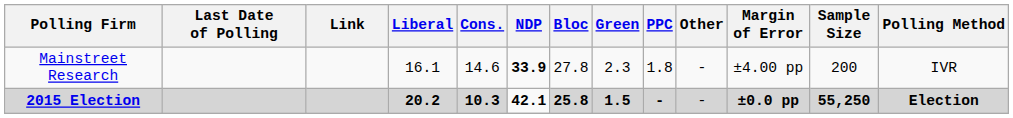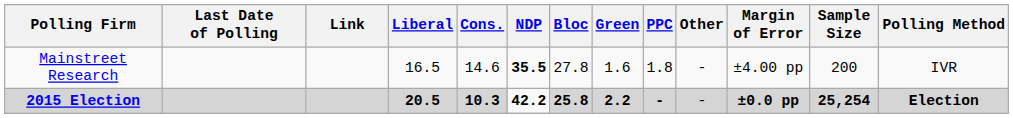 <table class="wikitable sortable" style="text-align:center;font-size:90%;line-height:14px;">
 <tr style="background:#e9e9e9;">
 <th style="width:120px">Polling Firm</th>
 <th style="width:110px">Last Date<br>of Polling</th>
 <th style="width:60px" class="unsortable">Link</th>
 <th style="background-color:"><strong><a href='#'>Liberal</a></strong></th>
 <th style="background-color:"><strong><a href='#'>Cons.</a></strong></th>
 <th style="background-color:"><strong><a href='#'>NDP</a></strong></th>
 <th style="background-color:"><strong><a href='#'>Bloc</a></strong></th>
 <th style="background-color:"><strong><a href='#'>Green</a></strong></th>
 <th style="background-color:"><strong><a href='#'>PPC</a></strong></th>
 <th style="background-color:"><strong>Other</strong></th>
 <th style="width:60px;" class="unsortable">Margin<br>of Error</th>
 <th style="width:50px;" class="unsortable">Sample<br>Size</th>
 <th class="unsortable">Polling Method</th>
 </tr>
 <tr>
 <td><a href='#'>Mainstreet Research</a></td>
 <td></td>
 <td></td>
-<td>16.1</td>
+<td>16.5</td>
 <td>14.6</td>
-<td><strong>33.9</strong></td>
+<td><strong>35.5</strong></td>
 <td>27.8</td>
-<td>2.3</td>
+<td>1.6</td>
 <td>1.8</td>
 <td>-</td>
 <td>±4.00 pp</td>
 <td>200</td>
 <td>IVR</td>
 </tr>
 <tr>
 <td style="background:#D5D5D5"><strong><a href='#'>2015 Election</a></strong></td>
 <td style="background:#D5D5D5"><strong></strong></td>
 <td style="background:#D5D5D5"></td>
-<td style="background:#D5D5D5"><strong>20.2</strong></td>
+<td style="background:#D5D5D5"><strong>20.5</strong></td>
 <td style="background:#D5D5D5"><strong>10.3</strong></td>
-<td><strong>42.1</strong></td>
+<td><strong>42.2</strong></td>
 <td style="background:#D5D5D5"><strong>25.8</strong></td>
-<td style="background:#D5D5D5"><strong>1.5</strong></td>
+<td style="background:#D5D5D5"><strong>2.2</strong></td>
 <td style="background:#D5D5D5"><strong>-</strong></td>
 <td style="background:#D5D5D5">-</td>
 <td style="background:#D5D5D5"><strong>±0.0 pp</strong></td>
-<td style="background:#D5D5D5"><strong>55,250</strong></td>
+<td style="background:#D5D5D5"><strong>25,254</strong></td>
 <td style="background:#D5D5D5"><strong>Election</strong></td>
 </tr>
 <tr>
 </tr>
 <tr>
 </tr>
 </table>
